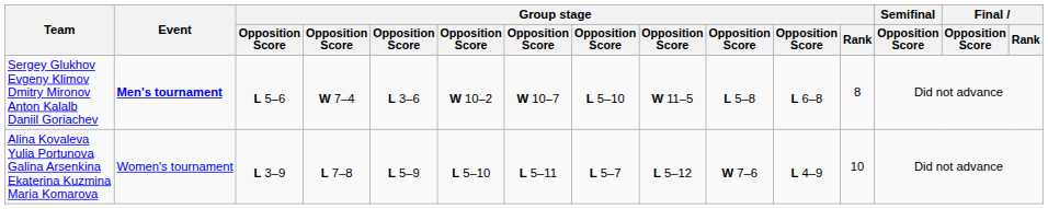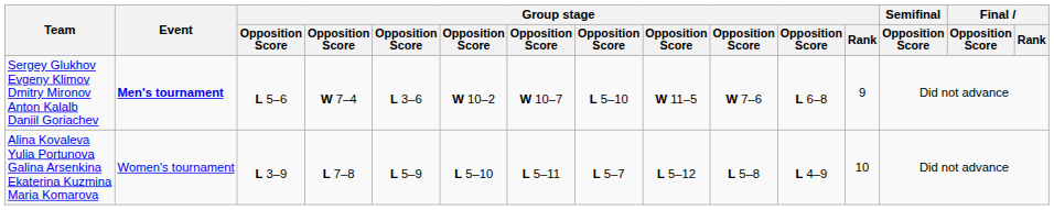 <table class=wikitable style=font-size:90%;text-align:center>
 <tr>
 <th rowspan=2>Team</th>
 <th rowspan=2>Event</th>
 <th colspan=10>Group stage</th>
 <th>Semifinal</th>
 <th colspan=2>Final / </th>
 </tr>
 <tr style="font-size:95%">
 <th>Opposition<br>Score</th>
 <th>Opposition<br>Score</th>
 <th>Opposition<br>Score</th>
 <th>Opposition<br>Score</th>
 <th>Opposition<br>Score</th>
 <th>Opposition<br>Score</th>
 <th>Opposition<br>Score</th>
 <th>Opposition<br>Score</th>
 <th>Opposition<br>Score</th>
 <th>Rank</th>
 <th>Opposition<br>Score</th>
 <th>Opposition<br>Score</th>
 <th>Rank</th>
 </tr>
 <tr>
 <td align=left><a href='#'>Sergey Glukhov</a><br><a href='#'>Evgeny Klimov</a><br><a href='#'>Dmitry Mironov</a><br><a href='#'>Anton Kalalb</a><br><a href='#'>Daniil Goriachev</a></td>
 <td align=left><strong><a href='#'>Men's tournament</a></strong></td>
 <td><br><strong>L</strong> 5–6</td>
 <td><br><strong>W</strong> 7–4</td>
 <td><br><strong>L</strong> 3–6</td>
 <td><br><strong>W</strong> 10–2</td>
 <td><br><strong>W</strong> 10–7</td>
 <td><br><strong>L</strong> 5–10</td>
 <td><br><strong>W</strong> 11–5</td>
-<td><br><strong>L</strong> 5–8</td>
+<td><br><strong>W</strong> 7–6</td>
 <td><br><strong>L</strong> 6–8</td>
-<td>8</td>
+<td>9</td>
 <td colspan=3>Did not advance</td>
 </tr>
 <tr>
 <td align=left><a href='#'>Alina Kovaleva</a><br><a href='#'>Yulia Portunova</a><br><a href='#'>Galina Arsenkina</a><br><a href='#'>Ekaterina Kuzmina</a><br><a href='#'>Maria Komarova</a></td>
 <td align=left><a href='#'>Women's tournament</a></td>
 <td><br><strong>L</strong> 3–9</td>
 <td><br><strong>L</strong> 7–8</td>
 <td><br><strong>L</strong> 5–9</td>
 <td><br><strong>L</strong> 5–10</td>
 <td><br><strong>L</strong> 5–11</td>
 <td><br><strong>L</strong> 5–7</td>
 <td><br><strong>L</strong> 5–12</td>
-<td><br><strong>W</strong> 7–6</td>
+<td><br><strong>L</strong> 5–8</td>
 <td><br><strong>L</strong> 4–9</td>
 <td>10</td>
 <td colspan=3>Did not advance</td>
 </tr>
 </table>
